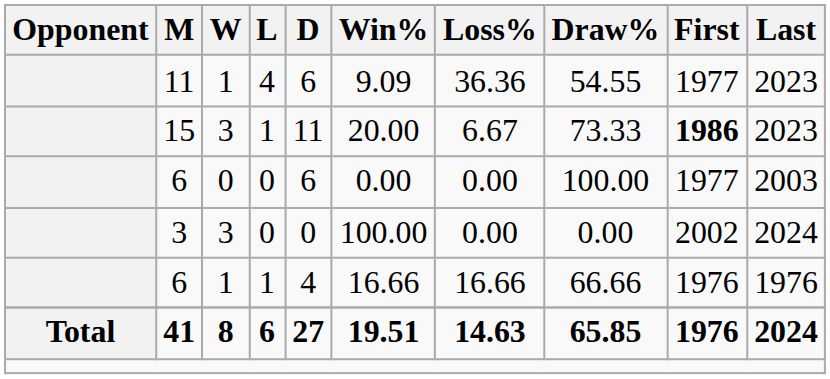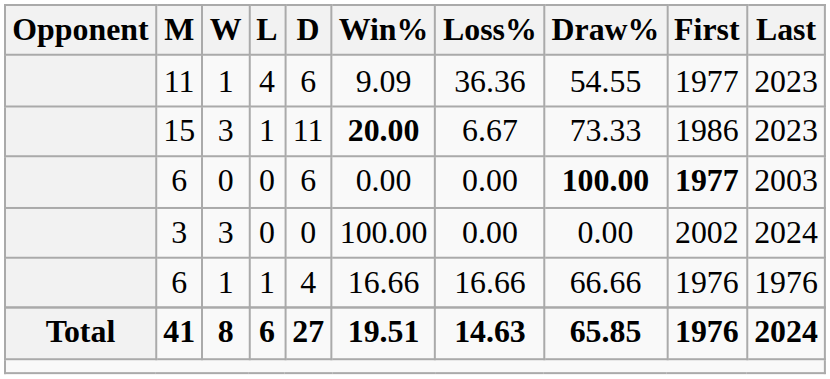 <table class="wikitable plainrowheaders sortable" style="text-align:center">
 <tr>
 <th scope="col">Opponent</th>
 <th scope="col">M</th>
 <th scope="col">W</th>
 <th scope="col">L</th>
 <th scope="col">D</th>
 <th scope="col">Win%</th>
 <th scope="col">Loss%</th>
 <th scope="col">Draw%</th>
 <th scope="col">First</th>
 <th scope="col">Last</th>
 </tr>
 <tr>
 <th scope="row"></th>
 <td>11</td>
 <td>1</td>
 <td>4</td>
 <td>6</td>
 <td>9.09</td>
 <td>36.36</td>
 <td>54.55</td>
 <td>1977</td>
 <td>2023</td>
 </tr>
 <tr>
 <th scope="row"></th>
 <td>15</td>
 <td>3</td>
 <td>1</td>
 <td>11</td>
-<td>20.00</td>
+<td><strong>20.00</strong></td>
 <td>6.67</td>
 <td>73.33</td>
-<td><strong>1986</strong></td>
+<td>1986</td>
 <td>2023</td>
 </tr>
 <tr>
 <th scope="row"></th>
 <td>6</td>
 <td>0</td>
 <td>0</td>
 <td>6</td>
 <td>0.00</td>
 <td>0.00</td>
-<td>100.00</td>
-<td>1977</td>
+<td><strong>100.00</strong></td>
+<td><strong>1977</strong></td>
 <td>2003</td>
 </tr>
 <tr>
 <th scope="row"></th>
 <td>3</td>
 <td>3</td>
 <td>0</td>
 <td>0</td>
 <td>100.00</td>
 <td>0.00</td>
 <td>0.00</td>
 <td>2002</td>
 <td>2024</td>
 </tr>
 <tr>
 <th scope="row"></th>
 <td>6</td>
 <td>1</td>
 <td>1</td>
 <td>4</td>
 <td>16.66</td>
 <td>16.66</td>
 <td>66.66</td>
 <td>1976</td>
 <td>1976</td>
 </tr>
 <tr>
 </tr>
 <tr class="sortbottom">
 <th scope="row" style="text-align:center"><strong>Total</strong></th>
 <td><strong>41</strong></td>
 <td><strong>8</strong></td>
 <td><strong>6</strong></td>
 <td><strong>27</strong></td>
 <td><strong>19.51</strong></td>
 <td><strong>14.63</strong></td>
 <td><strong>65.85</strong></td>
 <td><strong>1976</strong></td>
 <td><strong>2024</strong></td>
 </tr>
 <tr>
 <td colspan=10></td>
 </tr>
 </table>
